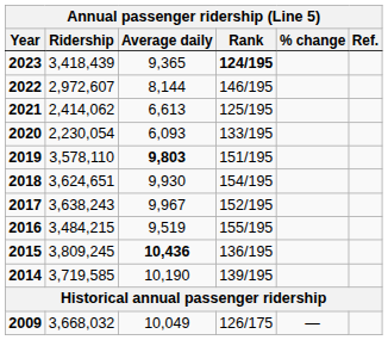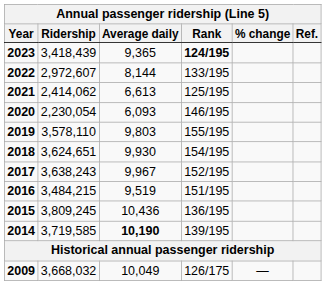 <table class="wikitable sortable" style="text-align:right;">
 <tr>
 <th colspan="6" style="background-color:#">Annual passenger ridership (Line 5)</th>
 </tr>
 <tr style="font-size:95%; text-align:center">
 <th style="border-bottom:1px solid black">Year</th>
 <th style="border-bottom:1px solid black">Ridership</th>
 <th style="border-bottom:1px solid black">Average daily</th>
 <th style="border-bottom:1px solid black">Rank</th>
 <th style="border-bottom:1px solid black">% change</th>
 <th style="border-bottom:1px solid black">Ref.</th>
 </tr>
 <tr style="text-align:center;">
 <td><strong>2023</strong></td>
 <td>3,418,439</td>
 <td>9,365</td>
 <td><strong>124/195</strong></td>
 <td></td>
 <td></td>
 </tr>
 <tr style="text-align:center;">
 <td><strong>2022</strong></td>
 <td>2,972,607</td>
 <td>8,144</td>
-<td>146/195</td>
+<td>133/195</td>
 <td></td>
 <td></td>
 </tr>
 <tr style="text-align:center;">
 <td><strong>2021</strong></td>
 <td>2,414,062</td>
 <td>6,613</td>
 <td>125/195</td>
 <td></td>
 <td></td>
 </tr>
 <tr style="text-align:center;">
 <td><strong>2020</strong></td>
 <td>2,230,054</td>
 <td>6,093</td>
-<td>133/195</td>
+<td>146/195</td>
 <td></td>
 <td></td>
 </tr>
 <tr style="text-align:center;">
 <td><strong>2019</strong></td>
 <td>3,578,110</td>
-<td><strong>9,803</strong></td>
-<td>151/195</td>
+<td>9,803</td>
+<td>155/195</td>
 <td></td>
 <td></td>
 </tr>
 <tr style="text-align:center;">
 <td><strong>2018</strong></td>
 <td>3,624,651</td>
 <td>9,930</td>
 <td>154/195</td>
 <td></td>
 <td></td>
 </tr>
 <tr style="text-align:center;">
 <td><strong>2017</strong></td>
 <td>3,638,243</td>
 <td>9,967</td>
 <td>152/195</td>
 <td></td>
 <td></td>
 </tr>
 <tr style="text-align:center;">
 <td><strong>2016</strong></td>
 <td>3,484,215</td>
 <td>9,519</td>
-<td>155/195</td>
+<td>151/195</td>
 <td></td>
 <td></td>
 </tr>
 <tr style="text-align:center;">
 <td><strong>2015</strong></td>
 <td>3,809,245</td>
-<td><strong>10,436</strong></td>
+<td>10,436</td>
 <td>136/195</td>
 <td></td>
 <td></td>
 </tr>
 <tr style="text-align:center;">
 <td><strong>2014</strong></td>
 <td>3,719,585</td>
-<td>10,190</td>
+<td><strong>10,190</strong></td>
 <td>139/195</td>
 <td></td>
 <td></td>
 </tr>
 <tr>
 <th colspan="6" style="background-color:#">Historical annual passenger ridership</th>
 </tr>
 <tr style="text-align:center;">
 <td><strong>2009</strong></td>
 <td>3,668,032</td>
 <td>10,049</td>
 <td>126/175</td>
 <td>—</td>
 <td></td>
 </tr>
 </table>
